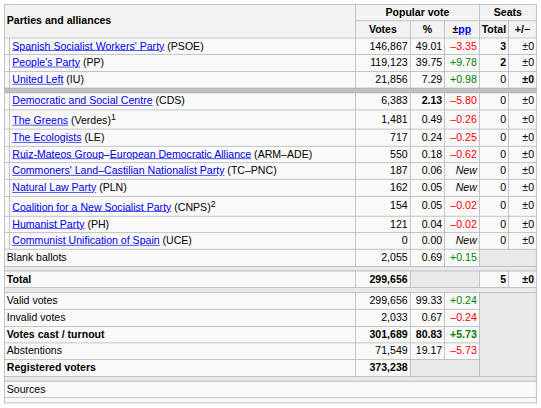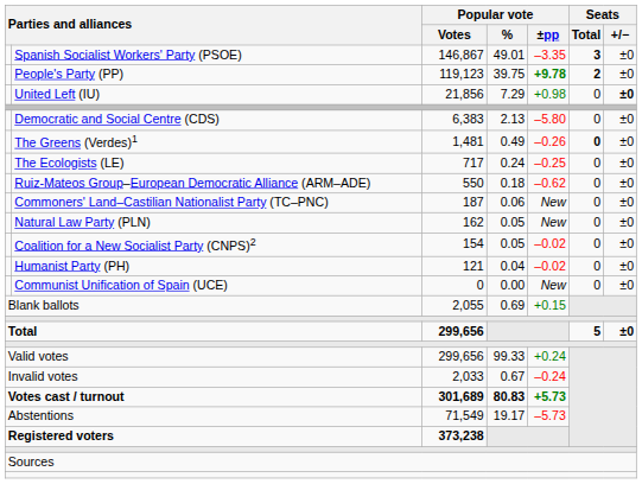 <table class="wikitable" style="text-align:right;">
 <tr>
 <th style="text-align:left;" rowspan="2" colspan="2" width="525">Parties and alliances</th>
 <th colspan="3">Popular vote</th>
 <th colspan="2">Seats</th>
 </tr>
 <tr>
 <th width="75">Votes</th>
 <th width="45">%</th>
 <th width="45">±<a href='#'>pp</a></th>
 <th width="35">Total</th>
 <th width="35">+/−</th>
 </tr>
 <tr>
 <td width="1" style="color:inherit;background:"></td>
 <td align="left"><a href='#'>Spanish Socialist Workers' Party</a> (PSOE)</td>
 <td>146,867</td>
 <td>49.01</td>
 <td style="color:red;">–3.35</td>
 <td><strong>3</strong></td>
 <td>±0</td>
 </tr>
 <tr>
 <td style="color:inherit;background:"></td>
 <td align="left"><a href='#'>People's Party</a> (PP)</td>
 <td>119,123</td>
 <td>39.75</td>
-<td style="color:green;">+9.78</td>
+<td style="color:green;"><strong>+9.78</strong></td>
 <td><strong>2</strong></td>
 <td>±0</td>
 </tr>
 <tr>
 <td style="color:inherit;background:"></td>
 <td align="left"><a href='#'>United Left</a> (IU)</td>
 <td>21,856</td>
 <td>7.29</td>
 <td style="color:green;">+0.98</td>
 <td>0</td>
 <td><strong>±0</strong></td>
 </tr>
 <tr>
 <td colspan="7" bgcolor="#C0C0C0"></td>
 </tr>
 <tr>
 <td style="color:inherit;background:"></td>
 <td align="left"><a href='#'>Democratic and Social Centre</a> (CDS)</td>
 <td>6,383</td>
-<td><strong>2.13</strong></td>
+<td>2.13</td>
 <td style="color:red;">–5.80</td>
 <td>0</td>
 <td>±0</td>
 </tr>
 <tr>
 <td style="color:inherit;background:"></td>
 <td align="left"><a href='#'>The Greens</a> (Verdes)<sup>1</sup></td>
 <td>1,481</td>
 <td>0.49</td>
 <td style="color:red;">–0.26</td>
-<td>0</td>
+<td><strong>0</strong></td>
 <td>±0</td>
 </tr>
 <tr>
 <td style="color:inherit;background:"></td>
 <td align="left"><a href='#'>The Ecologists</a> (LE)</td>
 <td>717</td>
 <td>0.24</td>
 <td style="color:red;">–0.25</td>
 <td>0</td>
 <td>±0</td>
 </tr>
 <tr>
 <td style="color:inherit;background:"></td>
 <td align="left"><a href='#'>Ruiz-Mateos Group</a>–<a href='#'>European Democratic Alliance</a> (ARM–ADE)</td>
 <td>550</td>
 <td>0.18</td>
 <td style="color:red;">–0.62</td>
 <td>0</td>
 <td>±0</td>
 </tr>
 <tr>
 <td style="color:inherit;background:"></td>
 <td align="left"><a href='#'>Commoners' Land–Castilian Nationalist Party</a> (TC–PNC)</td>
 <td>187</td>
 <td>0.06</td>
 <td><em>New</em></td>
 <td>0</td>
 <td>±0</td>
 </tr>
 <tr>
 <td style="color:inherit;background:"></td>
 <td align="left"><a href='#'>Natural Law Party</a> (PLN)</td>
 <td>162</td>
 <td>0.05</td>
 <td><em>New</em></td>
 <td>0</td>
 <td>±0</td>
 </tr>
 <tr>
 <td style="color:inherit;background:"></td>
 <td align="left"><a href='#'>Coalition for a New Socialist Party</a> (CNPS)<sup>2</sup></td>
 <td>154</td>
 <td>0.05</td>
 <td style="color:red;">–0.02</td>
 <td>0</td>
 <td>±0</td>
 </tr>
 <tr>
 <td style="color:inherit;background:"></td>
 <td align="left"><a href='#'>Humanist Party</a> (PH)</td>
 <td>121</td>
 <td>0.04</td>
 <td style="color:red;">–0.02</td>
 <td>0</td>
 <td>±0</td>
 </tr>
 <tr>
 <td style="color:inherit;background:"></td>
 <td align="left"><a href='#'>Communist Unification of Spain</a> (UCE)</td>
 <td>0</td>
 <td>0.00</td>
 <td><em>New</em></td>
 <td>0</td>
 <td>±0</td>
 </tr>
 <tr>
 <td align="left" colspan="2">Blank ballots</td>
 <td>2,055</td>
 <td>0.69</td>
 <td style="color:green;">+0.15</td>
 <td bgcolor="#E9E9E9" colspan="2"></td>
 </tr>
 <tr>
 <td colspan="7" bgcolor="#E9E9E9"></td>
 </tr>
 <tr style="font-weight:bold;">
 <td align="left" colspan="2">Total</td>
 <td>299,656</td>
 <td bgcolor="#E9E9E9" colspan="2"></td>
 <td>5</td>
 <td>±0</td>
 </tr>
 <tr>
 <td colspan="7" bgcolor="#E9E9E9"></td>
 </tr>
 <tr>
 <td align="left" colspan="2">Valid votes</td>
 <td>299,656</td>
 <td>99.33</td>
 <td style="color:green;">+0.24</td>
 <td bgcolor="#E9E9E9" colspan="2" rowspan="5"></td>
 </tr>
 <tr>
 <td align="left" colspan="2">Invalid votes</td>
 <td>2,033</td>
 <td>0.67</td>
 <td style="color:red;">–0.24</td>
 </tr>
 <tr style="font-weight:bold;">
 <td align="left" colspan="2">Votes cast / turnout</td>
 <td>301,689</td>
 <td>80.83</td>
 <td style="color:green;">+5.73</td>
 </tr>
 <tr>
 <td align="left" colspan="2">Abstentions</td>
 <td>71,549</td>
 <td>19.17</td>
 <td style="color:red;">–5.73</td>
 </tr>
 <tr style="font-weight:bold;">
 <td align="left" colspan="2">Registered voters</td>
 <td>373,238</td>
 <td bgcolor="#E9E9E9" colspan="2"></td>
 </tr>
 <tr>
 <td colspan="7" bgcolor="#E9E9E9"></td>
 </tr>
 <tr>
 <td align="left" colspan="7">Sources</td>
 </tr>
 <tr>
 <td colspan="7" style="text-align:left; max-width:790px;"></td>
 </tr>
 </table>
